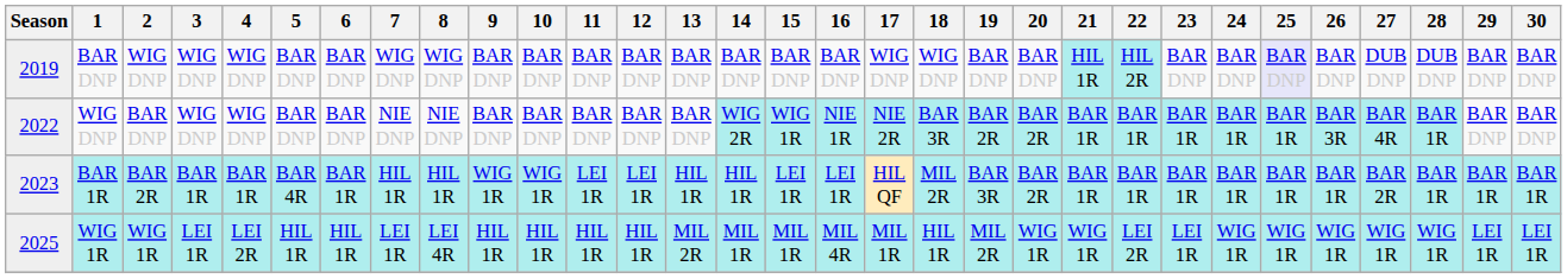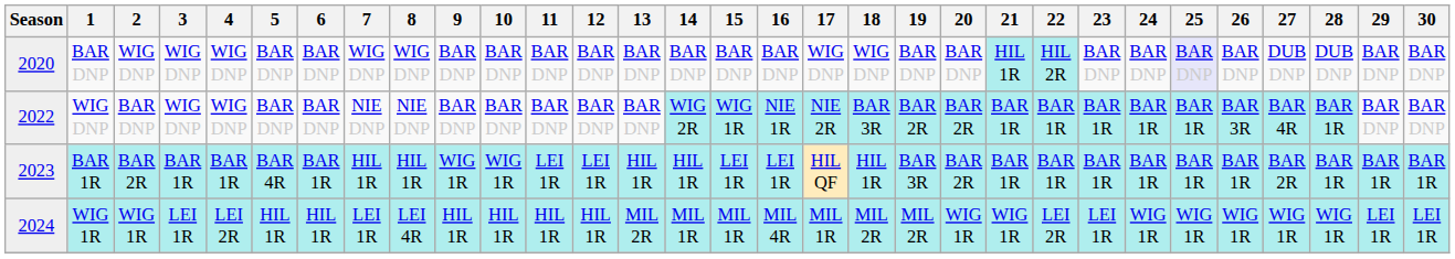 <table class="wikitable" style="width:18%; margin:0; font-size:75%">
 <tr>
 <th>Season</th>
 <th>1</th>
 <th>2</th>
 <th>3</th>
 <th>4</th>
 <th>5</th>
 <th>6</th>
 <th>7</th>
 <th>8</th>
 <th>9</th>
 <th>10</th>
 <th>11</th>
 <th>12</th>
 <th>13</th>
 <th>14</th>
 <th>15</th>
 <th>16</th>
 <th>17</th>
 <th>18</th>
 <th>19</th>
 <th>20</th>
 <th>21</th>
 <th>22</th>
 <th>23</th>
 <th>24</th>
 <th>25</th>
 <th>26</th>
 <th>27</th>
 <th>28</th>
 <th>29</th>
 <th>30</th>
 </tr>
 <tr>
-<td style="text-align:center; background:#efefef;"><a href='#'>2019</a> <br></td>
+<td style="text-align:center; background:#efefef;"><a href='#'>2020</a> <br></td>
 <td style="text-align:center; color:#ccc;"><a href='#'>BAR</a><br>DNP</td>
 <td style="text-align:center; color:#ccc;"><a href='#'>WIG</a><br>DNP</td>
 <td style="text-align:center; color:#ccc;"><a href='#'>WIG</a><br>DNP</td>
 <td style="text-align:center; color:#ccc;"><a href='#'>WIG</a><br>DNP</td>
 <td style="text-align:center; color:#ccc;"><a href='#'>BAR</a><br>DNP</td>
 <td style="text-align:center; color:#ccc;"><a href='#'>BAR</a><br>DNP</td>
 <td style="text-align:center; color:#ccc;"><a href='#'>WIG</a><br>DNP</td>
 <td style="text-align:center; color:#ccc;"><a href='#'>WIG</a><br>DNP</td>
 <td style="text-align:center; color:#ccc;"><a href='#'>BAR</a><br>DNP</td>
 <td style="text-align:center; color:#ccc;"><a href='#'>BAR</a><br>DNP</td>
 <td style="text-align:center; color:#ccc;"><a href='#'>BAR</a><br>DNP</td>
 <td style="text-align:center; color:#ccc;"><a href='#'>BAR</a><br>DNP</td>
 <td style="text-align:center; color:#ccc;"><a href='#'>BAR</a><br>DNP</td>
 <td style="text-align:center; color:#ccc;"><a href='#'>BAR</a><br>DNP</td>
 <td style="text-align:center; color:#ccc;"><a href='#'>BAR</a><br>DNP</td>
 <td style="text-align:center; color:#ccc;"><a href='#'>BAR</a><br>DNP</td>
 <td style="text-align:center; color:#ccc;"><a href='#'>WIG</a><br>DNP</td>
 <td style="text-align:center; color:#ccc;"><a href='#'>WIG</a><br>DNP</td>
 <td style="text-align:center; color:#ccc;"><a href='#'>BAR</a><br>DNP</td>
 <td style="text-align:center; color:#ccc;"><a href='#'>BAR</a><br>DNP</td>
 <td style="text-align:center; background:#afeeee;"><a href='#'>HIL</a><br>1R</td>
 <td style="text-align:center; background:#afeeee;"><a href='#'>HIL</a><br>2R</td>
 <td style="text-align:center; color:#ccc;"><a href='#'>BAR</a><br>DNP</td>
 <td style="text-align:center; color:#ccc;"><a href='#'>BAR</a><br>DNP</td>
 <td style="background: lavender; text-align:center; color:#ccc;"><a href='#'>BAR</a><br>DNP</td>
 <td style="text-align:center; color:#ccc;"><a href='#'>BAR</a><br>DNP</td>
 <td style="text-align:center; color:#ccc;"><a href='#'>DUB</a><br>DNP</td>
 <td style="text-align:center; color:#ccc;"><a href='#'>DUB</a><br>DNP</td>
 <td style="text-align:center; color:#ccc;"><a href='#'>BAR</a><br>DNP</td>
 <td style="text-align:center; color:#ccc;"><a href='#'>BAR</a><br>DNP</td>
 </tr>
 <tr>
 <td style="text-align:center; background:#efefef;"><a href='#'>2022</a> <br></td>
 <td style="text-align:center; color:#ccc;"><a href='#'>WIG</a><br>DNP</td>
 <td style="text-align:center; color:#ccc;"><a href='#'>BAR</a><br>DNP</td>
 <td style="text-align:center; color:#ccc;"><a href='#'>WIG</a><br>DNP</td>
 <td style="text-align:center; color:#ccc;"><a href='#'>WIG</a><br>DNP</td>
 <td style="text-align:center; color:#ccc;"><a href='#'>BAR</a><br>DNP</td>
 <td style="text-align:center; color:#ccc;"><a href='#'>BAR</a><br>DNP</td>
 <td style="text-align:center; color:#ccc;"><a href='#'>NIE</a><br>DNP</td>
 <td style="text-align:center; color:#ccc;"><a href='#'>NIE</a><br>DNP</td>
 <td style="text-align:center; color:#ccc;"><a href='#'>BAR</a><br>DNP</td>
 <td style="text-align:center; color:#ccc;"><a href='#'>BAR</a><br>DNP</td>
 <td style="text-align:center; color:#ccc;"><a href='#'>BAR</a><br>DNP</td>
 <td style="text-align:center; color:#ccc;"><a href='#'>BAR</a><br>DNP</td>
 <td style="text-align:center; color:#ccc;"><a href='#'>BAR</a><br>DNP</td>
 <td style="text-align:center; background:#afeeee;"><a href='#'>WIG</a><br>2R</td>
 <td style="text-align:center; background:#afeeee;"><a href='#'>WIG</a><br>1R</td>
 <td style="text-align:center; background:#afeeee;"><a href='#'>NIE</a><br>1R</td>
 <td style="text-align:center; background:#afeeee;"><a href='#'>NIE</a><br>2R</td>
 <td style="text-align:center; background:#afeeee;"><a href='#'>BAR</a><br>3R</td>
 <td style="text-align:center; background:#afeeee;"><a href='#'>BAR</a><br>2R</td>
 <td style="text-align:center; background:#afeeee;"><a href='#'>BAR</a><br>2R</td>
 <td style="text-align:center; background:#afeeee;"><a href='#'>BAR</a><br>1R</td>
 <td style="text-align:center; background:#afeeee;"><a href='#'>BAR</a><br>1R</td>
 <td style="text-align:center; background:#afeeee;"><a href='#'>BAR</a><br>1R</td>
 <td style="text-align:center; background:#afeeee;"><a href='#'>BAR</a><br>1R</td>
 <td style="text-align:center; background:#afeeee;"><a href='#'>BAR</a><br>1R</td>
 <td style="text-align:center; background:#afeeee;"><a href='#'>BAR</a><br>3R</td>
 <td style="text-align:center; background:#afeeee;"><a href='#'>BAR</a><br>4R</td>
 <td style="text-align:center; background:#afeeee;"><a href='#'>BAR</a><br>1R</td>
 <td style="text-align:center; color:#ccc;"><a href='#'>BAR</a><br>DNP</td>
 <td style="text-align:center; color:#ccc;"><a href='#'>BAR</a><br>DNP</td>
 </tr>
 <tr>
 <td style="text-align:center; background:#efefef;"><a href='#'>2023</a></td>
 <td style="text-align:center; background:#afeeee;"><a href='#'>BAR</a><br>1R</td>
 <td style="text-align:center; background:#afeeee;"><a href='#'>BAR</a><br>2R</td>
 <td style="text-align:center; background:#afeeee;"><a href='#'>BAR</a><br>1R</td>
 <td style="text-align:center; background:#afeeee;"><a href='#'>BAR</a><br>1R</td>
 <td style="text-align:center; background:#afeeee;"><a href='#'>BAR</a><br>4R</td>
 <td style="text-align:center; background:#afeeee;"><a href='#'>BAR</a><br>1R</td>
 <td style="text-align:center; background:#afeeee;"><a href='#'>HIL</a><br>1R</td>
 <td style="text-align:center; background:#afeeee;"><a href='#'>HIL</a><br>1R</td>
 <td style="text-align:center; background:#afeeee;"><a href='#'>WIG</a><br>1R</td>
 <td style="text-align:center; background:#afeeee;"><a href='#'>WIG</a><br>1R</td>
 <td style="text-align:center; background:#afeeee;"><a href='#'>LEI</a><br>1R</td>
 <td style="text-align:center; background:#afeeee;"><a href='#'>LEI</a><br>1R</td>
 <td style="text-align:center; background:#afeeee;"><a href='#'>HIL</a><br>1R</td>
 <td style="text-align:center; background:#afeeee;"><a href='#'>HIL</a><br>1R</td>
 <td style="text-align:center; background:#afeeee;"><a href='#'>LEI</a><br>1R</td>
 <td style="text-align:center; background:#afeeee;"><a href='#'>LEI</a><br>1R</td>
 <td style="text-align:center; background:#ffecbd;"><a href='#'>HIL</a><br>QF</td>
-<td style="text-align:center; background:#afeeee;"><a href='#'>MIL</a><br>2R</td>
+<td style="text-align:center; background:#afeeee;"><a href='#'>HIL</a><br>1R</td>
 <td style="text-align:center; background:#afeeee;"><a href='#'>BAR</a><br>3R</td>
 <td style="text-align:center; background:#afeeee;"><a href='#'>BAR</a><br>2R</td>
 <td style="text-align:center; background:#afeeee;"><a href='#'>BAR</a><br>1R</td>
 <td style="text-align:center; background:#afeeee;"><a href='#'>BAR</a><br>1R</td>
 <td style="text-align:center; background:#afeeee;"><a href='#'>BAR</a><br>1R</td>
 <td style="text-align:center; background:#afeeee;"><a href='#'>BAR</a><br>1R</td>
 <td style="text-align:center; background:#afeeee;"><a href='#'>BAR</a><br>1R</td>
 <td style="text-align:center; background:#afeeee;"><a href='#'>BAR</a><br>1R</td>
 <td style="text-align:center; background:#afeeee;"><a href='#'>BAR</a><br>2R</td>
 <td style="text-align:center; background:#afeeee;"><a href='#'>BAR</a><br>1R</td>
 <td style="text-align:center; background:#afeeee;"><a href='#'>BAR</a><br>1R</td>
 <td style="text-align:center; background:#afeeee;"><a href='#'>BAR</a><br>1R</td>
 </tr>
 <tr>
-<td style="text-align:center; background:#efefef;"><a href='#'>2025</a></td>
+<td style="text-align:center; background:#efefef;"><a href='#'>2024</a></td>
 <td style="text-align:center; background:#afeeee;"><a href='#'>WIG</a><br>1R</td>
 <td style="text-align:center; background:#afeeee;"><a href='#'>WIG</a><br>1R</td>
 <td style="text-align:center; background:#afeeee;"><a href='#'>LEI</a><br>1R</td>
 <td style="text-align:center; background:#afeeee;"><a href='#'>LEI</a><br>2R</td>
 <td style="text-align:center; background:#afeeee;"><a href='#'>HIL</a><br>1R</td>
 <td style="text-align:center; background:#afeeee;"><a href='#'>HIL</a><br>1R</td>
 <td style="text-align:center; background:#afeeee;"><a href='#'>LEI</a><br>1R</td>
 <td style="text-align:center; background:#afeeee;"><a href='#'>LEI</a><br>4R</td>
 <td style="text-align:center; background:#afeeee;"><a href='#'>HIL</a><br>1R</td>
 <td style="text-align:center; background:#afeeee;"><a href='#'>HIL</a><br>1R</td>
 <td style="text-align:center; background:#afeeee;"><a href='#'>HIL</a><br>1R</td>
 <td style="text-align:center; background:#afeeee;"><a href='#'>HIL</a><br>1R</td>
 <td style="text-align:center; background:#afeeee;"><a href='#'>MIL</a><br>2R</td>
 <td style="text-align:center; background:#afeeee;"><a href='#'>MIL</a><br>1R</td>
 <td style="text-align:center; background:#afeeee;"><a href='#'>MIL</a><br>1R</td>
 <td style="text-align:center; background:#afeeee;"><a href='#'>MIL</a><br>4R</td>
 <td style="text-align:center; background:#afeeee;"><a href='#'>MIL</a><br>1R</td>
-<td style="text-align:center; background:#afeeee;"><a href='#'>HIL</a><br>1R</td>
+<td style="text-align:center; background:#afeeee;"><a href='#'>MIL</a><br>2R</td>
 <td style="text-align:center; background:#afeeee;"><a href='#'>MIL</a><br>2R</td>
 <td style="text-align:center; background:#afeeee;"><a href='#'>WIG</a><br>1R</td>
 <td style="text-align:center; background:#afeeee;"><a href='#'>WIG</a><br>1R</td>
 <td style="text-align:center; background:#afeeee;"><a href='#'>LEI</a><br>2R</td>
 <td style="text-align:center; background:#afeeee;"><a href='#'>LEI</a><br>1R</td>
 <td style="text-align:center; background:#afeeee;"><a href='#'>WIG</a><br>1R</td>
 <td style="text-align:center; background:#afeeee;"><a href='#'>WIG</a><br>1R</td>
 <td style="text-align:center; background:#afeeee;"><a href='#'>WIG</a><br>1R</td>
 <td style="text-align:center; background:#afeeee;"><a href='#'>WIG</a><br>1R</td>
 <td style="text-align:center; background:#afeeee;"><a href='#'>WIG</a><br>1R</td>
 <td style="text-align:center; background:#afeeee;"><a href='#'>LEI</a><br>1R</td>
 <td style="text-align:center; background:#afeeee;"><a href='#'>LEI</a><br>1R</td>
 </tr>
 <tr>
 </tr>
 </table>
